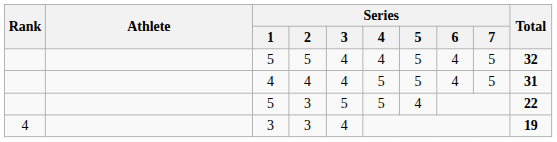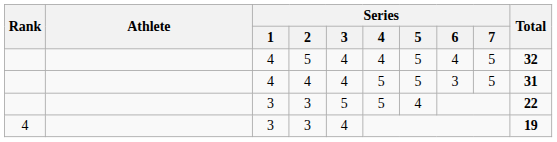 <table class="wikitable" style="text-align:center">
 <tr>
 <th rowspan=2 width=40>Rank</th>
 <th rowspan=2 width=230>Athlete</th>
 <th colspan="7">Series</th>
 <th rowspan=2 width=40>Total</th>
 </tr>
 <tr>
 <th width=35>1</th>
 <th width=35>2</th>
 <th width=35>3</th>
 <th width=35>4</th>
 <th width=35>5</th>
 <th width=35>6</th>
 <th width=35>7</th>
 </tr>
 <tr>
 <td></td>
 <td align=left></td>
-<td>5</td>
+<td>4</td>
 <td>5</td>
 <td>4</td>
 <td>4</td>
 <td>5</td>
 <td>4</td>
 <td>5</td>
 <td><strong>32</strong></td>
 </tr>
 <tr>
 <td></td>
 <td align=left></td>
 <td>4</td>
 <td>4</td>
 <td>4</td>
 <td>5</td>
 <td>5</td>
-<td>4</td>
+<td>3</td>
 <td>5</td>
 <td><strong>31</strong></td>
 </tr>
 <tr>
 <td></td>
 <td align=left></td>
-<td>5</td>
+<td>3</td>
 <td>3</td>
 <td>5</td>
 <td>5</td>
 <td>4</td>
 <td colspan=2></td>
 <td><strong>22</strong></td>
 </tr>
 <tr>
 <td>4</td>
 <td align=left></td>
 <td>3</td>
 <td>3</td>
 <td>4</td>
 <td colspan=4></td>
 <td><strong>19</strong></td>
 </tr>
 </table>
